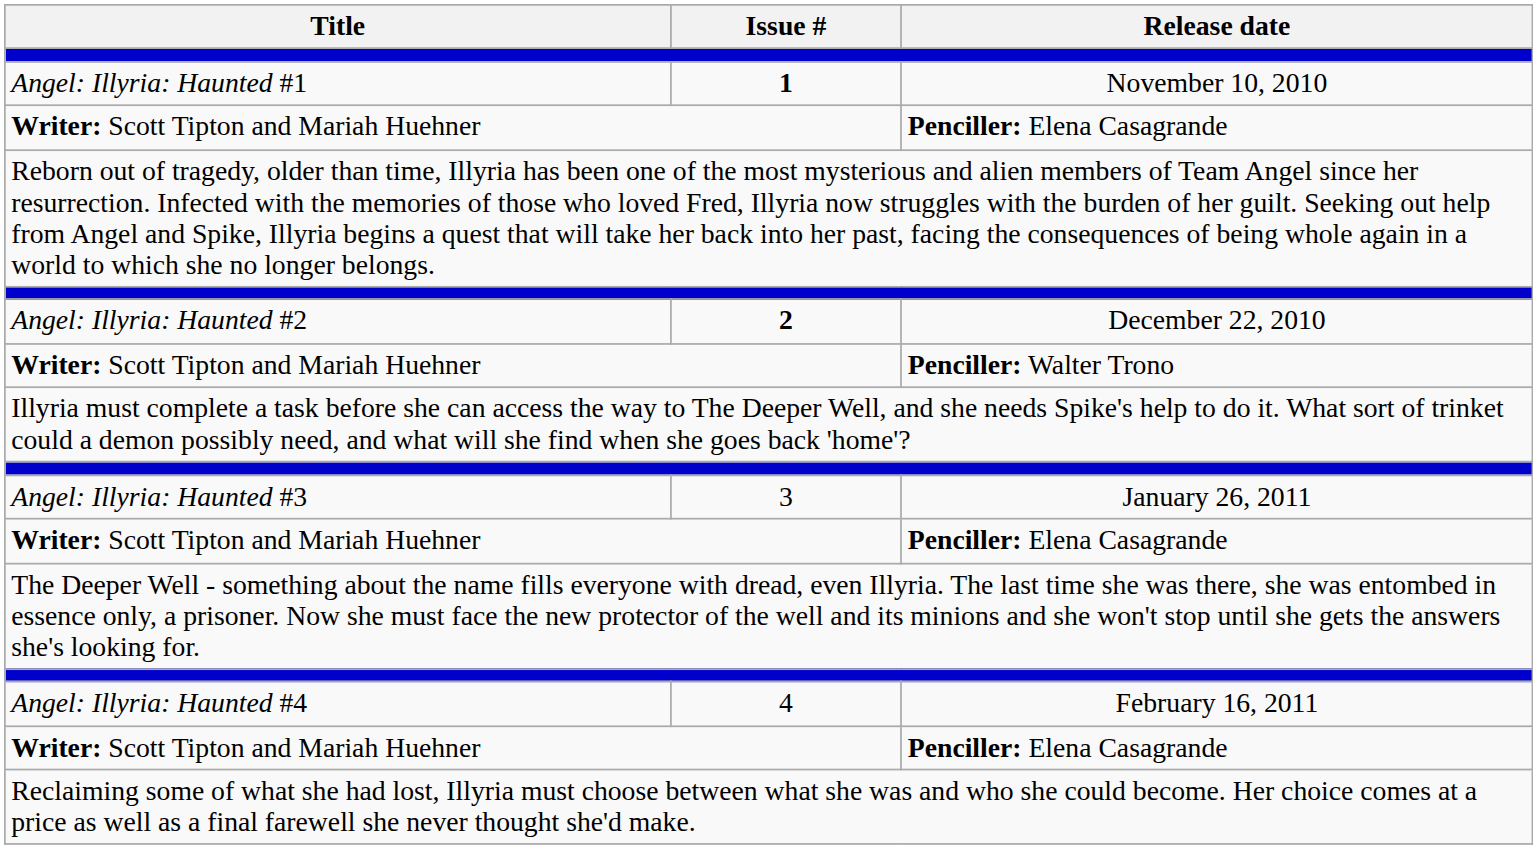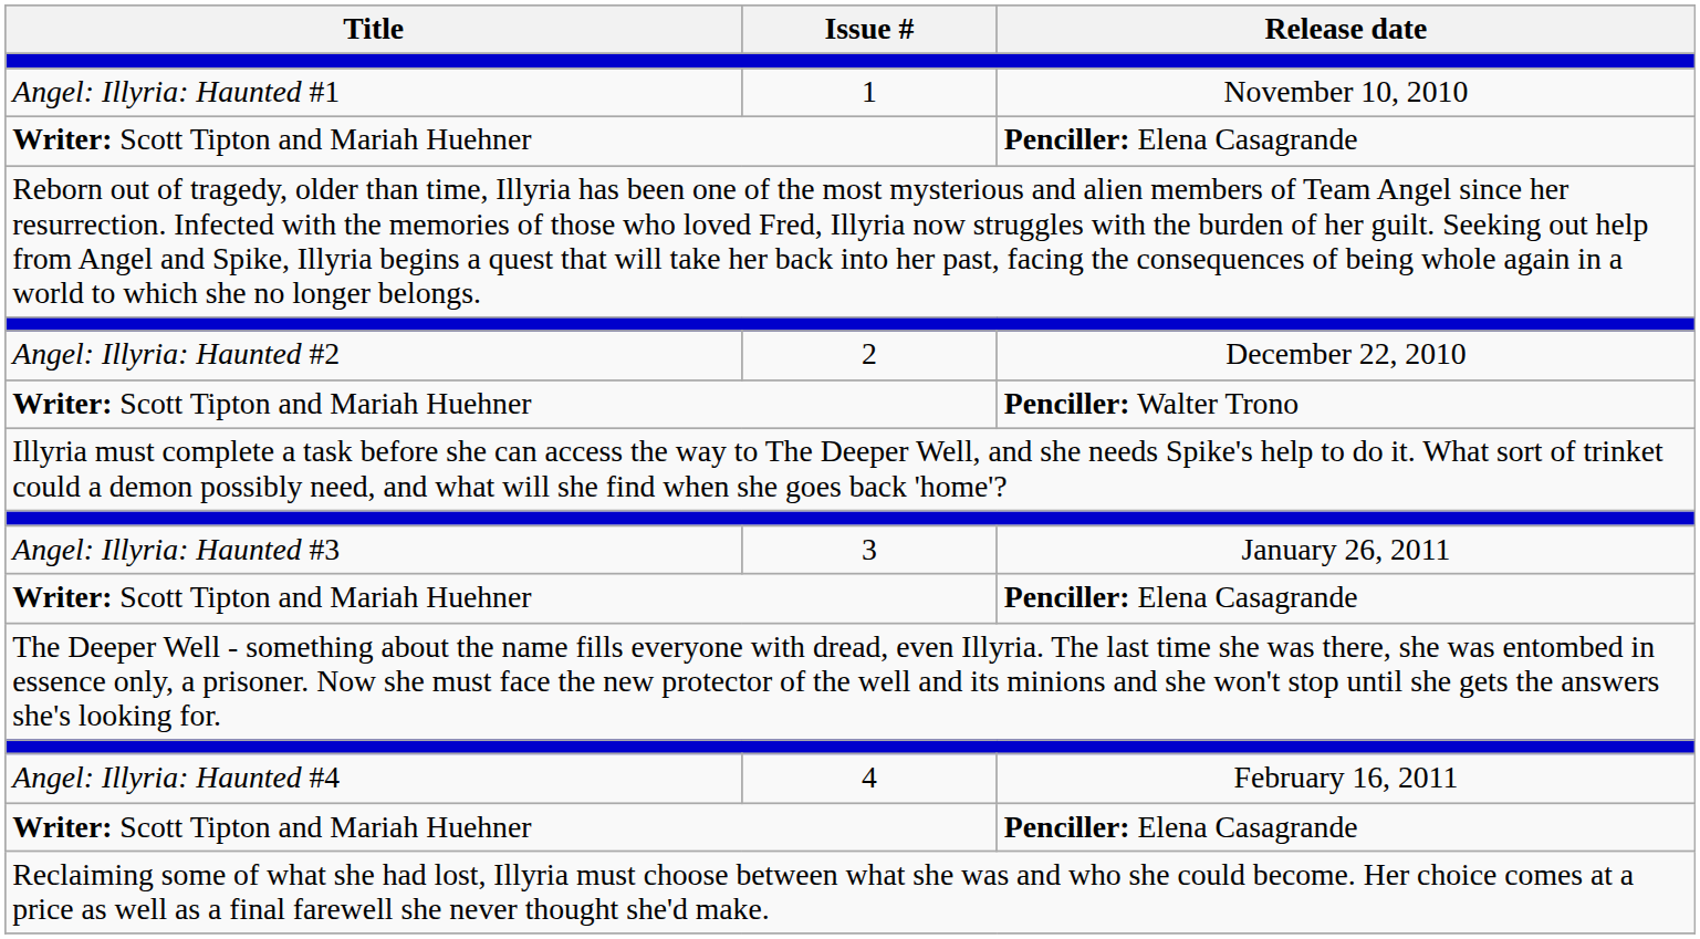 <table class="wikitable mw-collapsible mw-collapsed" style="width:100%;">
 <tr>
 <th>Title</th>
 <th>Issue #</th>
 <th>Release date</th>
 </tr>
 <tr>
 <td colspan="6" style="background:#00c;"></td>
 </tr>
 <tr>
 <td><em>Angel: Illyria: Haunted</em> #1</td>
-<td style="text-align:center;"><strong>1</strong></td>
+<td style="text-align:center;">1</td>
 <td style="text-align:center;">November 10, 2010</td>
 </tr>
 <tr>
 <td colspan="2"><strong>Writer:</strong> Scott Tipton and Mariah Huehner</td>
 <td><strong>Penciller:</strong> Elena Casagrande</td>
 </tr>
 <tr>
 <td colspan="6">Reborn out of tragedy, older than time, Illyria has been one of the most mysterious and alien members of Team Angel since her resurrection. Infected with the memories of those who loved Fred, Illyria now struggles with the burden of her guilt. Seeking out help from Angel and Spike, Illyria begins a quest that will take her back into her past, facing the consequences of being whole again in a world to which she no longer belongs.</td>
 </tr>
 <tr>
 <td colspan="6" style="background:#00c;"></td>
 </tr>
 <tr>
 <td><em>Angel: Illyria: Haunted</em> #2</td>
-<td style="text-align:center;"><strong>2</strong></td>
+<td style="text-align:center;">2</td>
 <td style="text-align:center;">December 22, 2010</td>
 </tr>
 <tr>
 <td colspan="2"><strong>Writer:</strong> Scott Tipton and Mariah Huehner</td>
 <td><strong>Penciller:</strong> Walter Trono</td>
 </tr>
 <tr>
 <td colspan="6">Illyria must complete a task before she can access the way to The Deeper Well, and she needs Spike's help to do it. What sort of trinket could a demon possibly need, and what will she find when she goes back 'home'?</td>
 </tr>
 <tr>
 <td colspan="6" style="background:#00c;"></td>
 </tr>
 <tr>
 <td><em>Angel: Illyria: Haunted</em> #3</td>
 <td style="text-align:center;">3</td>
 <td style="text-align:center;">January 26, 2011</td>
 </tr>
 <tr>
 <td colspan="2"><strong>Writer:</strong> Scott Tipton and Mariah Huehner</td>
 <td><strong>Penciller:</strong> Elena Casagrande</td>
 </tr>
 <tr>
 <td colspan="6">The Deeper Well - something about the name fills everyone with dread, even Illyria. The last time she was there, she was entombed in essence only, a prisoner. Now she must face the new protector of the well and its minions and she won't stop until she gets the answers she's looking for.</td>
 </tr>
 <tr>
 <td colspan="6" style="background:#00c;"></td>
 </tr>
 <tr>
 <td><em>Angel: Illyria: Haunted</em> #4</td>
 <td style="text-align:center;">4</td>
 <td style="text-align:center;">February 16, 2011</td>
 </tr>
 <tr>
 <td colspan="2"><strong>Writer:</strong> Scott Tipton and Mariah Huehner</td>
 <td><strong>Penciller:</strong> Elena Casagrande</td>
 </tr>
 <tr>
 <td colspan="6">Reclaiming some of what she had lost, Illyria must choose between what she was and who she could become. Her choice comes at a price as well as a final farewell she never thought she'd make.</td>
 </tr>
 </table>
